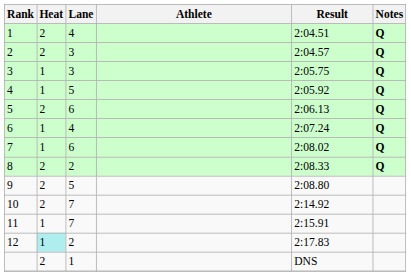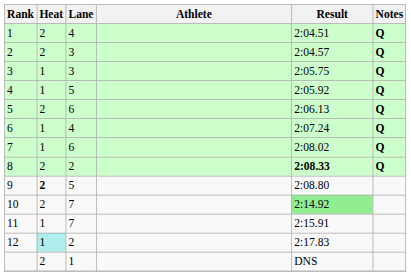 <table class="wikitable" style="font-size:95%" style="width:35em;" style="text-align:center">
 <tr>
 <th>Rank</th>
 <th>Heat</th>
 <th>Lane</th>
 <th width=250>Athlete</th>
 <th width=100>Result</th>
 <th>Notes</th>
 </tr>
 <tr bgcolor=ccffcc>
 <td>1</td>
 <td>2</td>
 <td>4</td>
 <td align=left></td>
 <td>2:04.51</td>
 <td><strong>Q</strong></td>
 </tr>
 <tr bgcolor=ccffcc>
 <td>2</td>
 <td>2</td>
 <td>3</td>
 <td align=left></td>
 <td>2:04.57</td>
 <td><strong>Q</strong></td>
 </tr>
 <tr bgcolor=ccffcc>
 <td>3</td>
 <td>1</td>
 <td>3</td>
 <td align=left></td>
 <td>2:05.75</td>
 <td><strong>Q</strong></td>
 </tr>
 <tr bgcolor=ccffcc>
 <td>4</td>
 <td>1</td>
 <td>5</td>
 <td align=left></td>
 <td>2:05.92</td>
 <td><strong>Q</strong></td>
 </tr>
 <tr bgcolor=ccffcc>
 <td>5</td>
 <td>2</td>
 <td>6</td>
 <td align=left></td>
 <td>2:06.13</td>
 <td><strong>Q</strong></td>
 </tr>
 <tr bgcolor=ccffcc>
 <td>6</td>
 <td>1</td>
 <td>4</td>
 <td align=left></td>
 <td>2:07.24</td>
 <td><strong>Q</strong></td>
 </tr>
 <tr bgcolor=ccffcc>
 <td>7</td>
 <td>1</td>
 <td>6</td>
 <td align=left></td>
 <td>2:08.02</td>
 <td><strong>Q</strong></td>
 </tr>
 <tr bgcolor=ccffcc>
 <td>8</td>
 <td>2</td>
 <td>2</td>
 <td align=left></td>
-<td>2:08.33</td>
+<td><strong>2:08.33</strong></td>
 <td><strong>Q</strong></td>
 </tr>
 <tr>
 <td>9</td>
-<td>2</td>
+<td><strong>2</strong></td>
 <td>5</td>
 <td align=left></td>
 <td>2:08.80</td>
 <td></td>
 </tr>
 <tr>
 <td>10</td>
 <td>2</td>
 <td>7</td>
 <td align=left></td>
-<td>2:14.92</td>
+<td style="background: lightgreen;">2:14.92</td>
 <td></td>
 </tr>
 <tr>
 <td>11</td>
 <td>1</td>
 <td>7</td>
 <td align=left></td>
 <td>2:15.91</td>
 <td></td>
 </tr>
 <tr>
 <td>12</td>
 <td style="background: paleturquoise;">1</td>
 <td>2</td>
 <td align=left></td>
 <td>2:17.83</td>
 <td></td>
 </tr>
 <tr>
 <td></td>
 <td>2</td>
 <td>1</td>
 <td align=left></td>
 <td>DNS</td>
 <td></td>
 </tr>
 <tr>
 </tr>
 </table>
